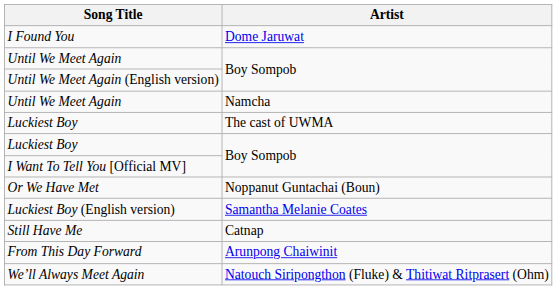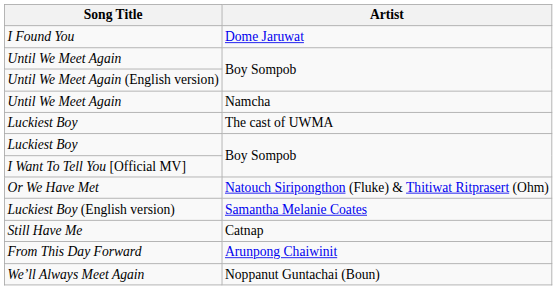 <table class="wikitable">
 <tr>
 <th>Song Title</th>
 <th>Artist</th>
 </tr>
 <tr>
 <td><em>I Found You</em></td>
 <td><a href='#'>Dome Jaruwat</a></td>
 </tr>
 <tr>
 <td><em>Until We Meet Again</em></td>
 <td rowspan="2">Boy Sompob</td>
 </tr>
 <tr>
 <td><em>Until We Meet Again</em> (English version)</td>
 </tr>
 <tr>
 <td><em>Until We Meet Again</em></td>
 <td>Namcha</td>
 </tr>
 <tr>
 <td><em>Luckiest Boy</em></td>
 <td>The cast of UWMA</td>
 </tr>
 <tr>
 <td><em>Luckiest Boy</em></td>
 <td rowspan="2">Boy Sompob</td>
 </tr>
 <tr>
 <td><em>I Want To Tell You</em> [Official MV] </td>
 </tr>
 <tr>
 <td><em>Or We Have Met</em></td>
-<td>Noppanut Guntachai (Boun)</td>
+<td><a href='#'>Natouch Siripongthon</a> (Fluke) & <a href='#'>Thitiwat Ritprasert</a> (Ohm)</td>
 </tr>
 <tr>
 <td><em>Luckiest Boy</em> (English version)</td>
 <td><a href='#'>Samantha Melanie Coates</a></td>
 </tr>
 <tr>
 <td><em>Still Have Me</em></td>
 <td>Catnap</td>
 </tr>
 <tr>
 <td><em>From This Day Forward</em></td>
 <td><a href='#'>Arunpong Chaiwinit</a></td>
 </tr>
 <tr>
 <td><em>We’ll Always Meet Again </em></td>
-<td><a href='#'>Natouch Siripongthon</a> (Fluke) & <a href='#'>Thitiwat Ritprasert</a> (Ohm)</td>
+<td>Noppanut Guntachai (Boun)</td>
 </tr>
 </table>
